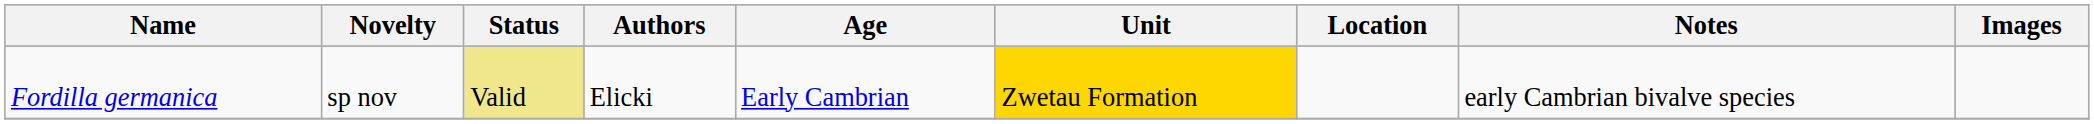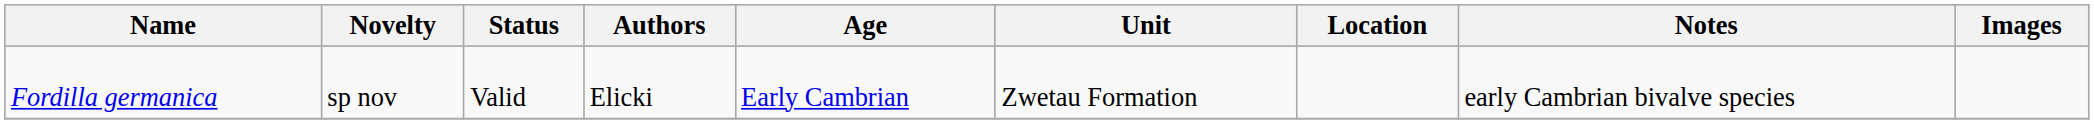 <table class="wikitable sortable" align="center" width="100%">
 <tr>
 <th>Name</th>
 <th>Novelty</th>
 <th>Status</th>
 <th>Authors</th>
 <th>Age</th>
 <th>Unit</th>
 <th>Location</th>
 <th>Notes</th>
 <th>Images</th>
 </tr>
 <tr>
 <td><br><em><a href='#'>Fordilla germanica</a></em></td>
 <td><br>sp nov</td>
-<td style="background: khaki;"><br>Valid</td>
+<td><br>Valid</td>
 <td><br>Elicki</td>
 <td><br><a href='#'>Early Cambrian</a></td>
-<td style="background: gold;"><br>Zwetau Formation</td>
+<td><br>Zwetau Formation</td>
 <td><br></td>
 <td><br>early Cambrian bivalve species</td>
 <td></td>
 </tr>
 <tr>
 </tr>
 </table>
